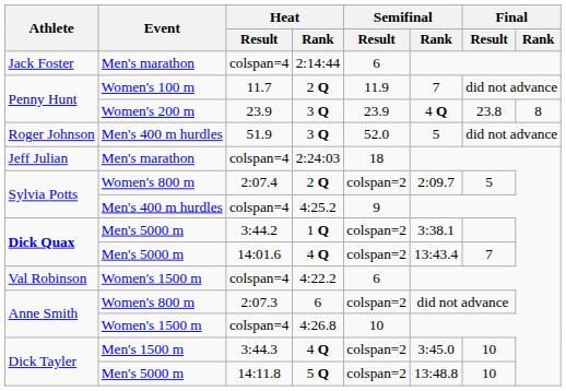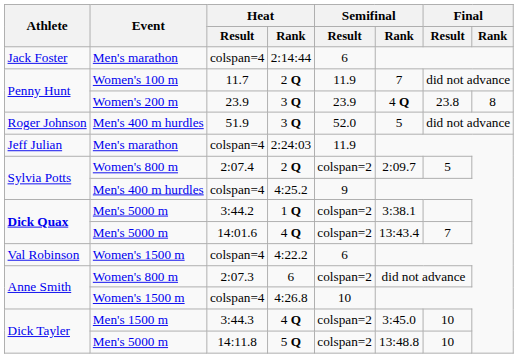 <table class=wikitable style=font-size:90%>
 <tr>
 <th rowspan=2>Athlete</th>
 <th rowspan=2>Event</th>
 <th colspan=2>Heat</th>
 <th colspan=2>Semifinal</th>
 <th colspan=2>Final</th>
 </tr>
 <tr style=font-size:95%>
 <th>Result</th>
 <th>Rank</th>
 <th>Result</th>
 <th>Rank</th>
 <th>Result</th>
 <th>Rank</th>
 </tr>
 <tr align=center>
 <td align=left><a href='#'>Jack Foster</a></td>
 <td align=left><a href='#'>Men's marathon</a></td>
 <td>colspan=4 </td>
 <td>2:14:44</td>
 <td>6</td>
 </tr>
 <tr align=center>
 <td align=left rowspan=2><a href='#'>Penny Hunt</a></td>
 <td align=left><a href='#'>Women's 100 m</a></td>
 <td>11.7</td>
 <td>2 <strong>Q</strong></td>
 <td>11.9</td>
 <td>7</td>
 <td colspan=2>did not advance</td>
 </tr>
 <tr align=center>
 <td align=left><a href='#'>Women's 200 m</a></td>
 <td>23.9</td>
 <td>3 <strong>Q</strong></td>
 <td>23.9</td>
 <td>4 <strong>Q</strong></td>
 <td>23.8</td>
 <td>8</td>
 </tr>
 <tr align=center>
 <td align=left><a href='#'>Roger Johnson</a></td>
 <td align=left><a href='#'>Men's 400 m hurdles</a></td>
 <td>51.9</td>
 <td>3 <strong>Q</strong></td>
 <td>52.0</td>
 <td>5</td>
 <td colspan=2>did not advance</td>
 </tr>
 <tr align=center>
 <td align=left><a href='#'>Jeff Julian</a></td>
 <td align=left><a href='#'>Men's marathon</a></td>
 <td>colspan=4 </td>
 <td>2:24:03</td>
-<td>18</td>
+<td>11.9</td>
 </tr>
 <tr align=center>
 <td align=left rowspan=2><a href='#'>Sylvia Potts</a></td>
 <td align=left><a href='#'>Women's 800 m</a></td>
 <td>2:07.4</td>
 <td>2 <strong>Q</strong></td>
 <td>colspan=2 </td>
 <td>2:09.7</td>
 <td>5</td>
 </tr>
 <tr align=center>
 <td align=left><a href='#'>Men's 400 m hurdles</a></td>
 <td>colspan=4 </td>
 <td>4:25.2</td>
 <td>9</td>
 </tr>
 <tr align=center>
 <td align=left rowspan=2><strong><a href='#'>Dick Quax</a></strong></td>
 <td align=left><a href='#'>Men's 5000 m</a></td>
 <td>3:44.2</td>
 <td>1 <strong>Q</strong></td>
 <td>colspan=2 </td>
 <td>3:38.1</td>
 <td></td>
 </tr>
 <tr align=center>
 <td align=left><a href='#'>Men's 5000 m</a></td>
 <td>14:01.6</td>
 <td>4 <strong>Q</strong></td>
 <td>colspan=2 </td>
 <td>13:43.4</td>
 <td>7</td>
 </tr>
 <tr align=center>
 <td align=left><a href='#'>Val Robinson</a></td>
 <td align=left><a href='#'>Women's 1500 m</a></td>
 <td>colspan=4 </td>
 <td>4:22.2</td>
 <td>6</td>
 </tr>
 <tr align=center>
 <td align=left rowspan=2><a href='#'>Anne Smith</a></td>
 <td align=left><a href='#'>Women's 800 m</a></td>
 <td>2:07.3</td>
 <td>6</td>
 <td>colspan=2 </td>
 <td colspan=2>did not advance</td>
 </tr>
 <tr align=center>
 <td align=left><a href='#'>Women's 1500 m</a></td>
 <td>colspan=4 </td>
 <td>4:26.8</td>
 <td>10</td>
 </tr>
 <tr align=center>
 <td align=left rowspan=2><a href='#'>Dick Tayler</a></td>
 <td align=left><a href='#'>Men's 1500 m</a></td>
 <td>3:44.3</td>
 <td>4 <strong>Q</strong></td>
 <td>colspan=2 </td>
 <td>3:45.0</td>
 <td>10</td>
 </tr>
 <tr align=center>
 <td align=left><a href='#'>Men's 5000 m</a></td>
 <td>14:11.8</td>
 <td>5 <strong>Q</strong></td>
 <td>colspan=2 </td>
 <td>13:48.8</td>
 <td>10</td>
 </tr>
 </table>
